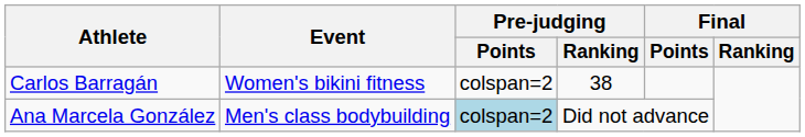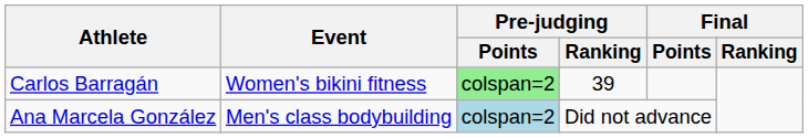 <table class=wikitable style="font-size:90%">
 <tr>
 <th rowspan="2">Athlete</th>
 <th rowspan="2">Event</th>
 <th colspan="2">Pre-judging</th>
 <th colspan="2">Final</th>
 </tr>
 <tr style="font-size:95%">
 <th>Points</th>
 <th>Ranking</th>
 <th>Points</th>
 <th>Ranking</th>
 </tr>
 <tr align=center>
 <td align=left><a href='#'>Carlos Barragán</a></td>
 <td align=left><a href='#'>Women's bikini fitness</a></td>
-<td>colspan=2 </td>
-<td>38</td>
+<td style="background: lightgreen;">colspan=2 </td>
+<td>39</td>
 <td></td>
 </tr>
 <tr align=center>
 <td align=left><a href='#'>Ana Marcela González</a></td>
 <td align=left><a href='#'>Men's class bodybuilding</a></td>
 <td style="background: lightblue;">colspan=2 </td>
 <td colspan=2>Did not advance</td>
 </tr>
 </table>
